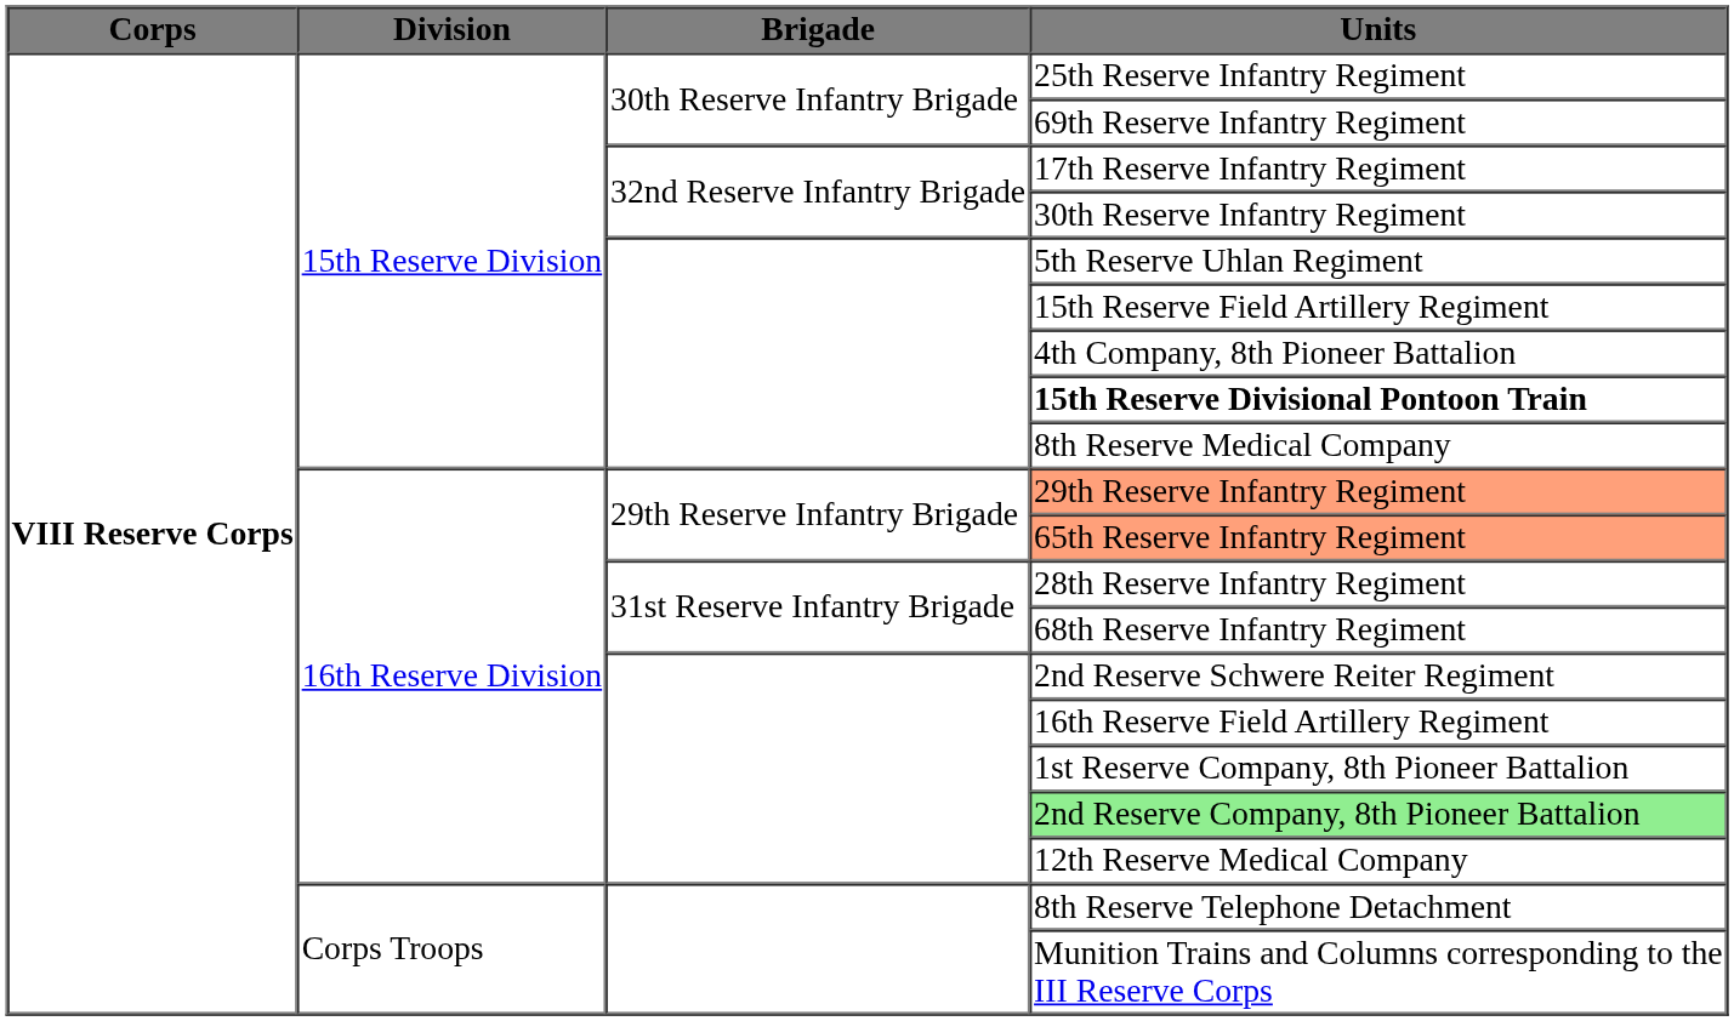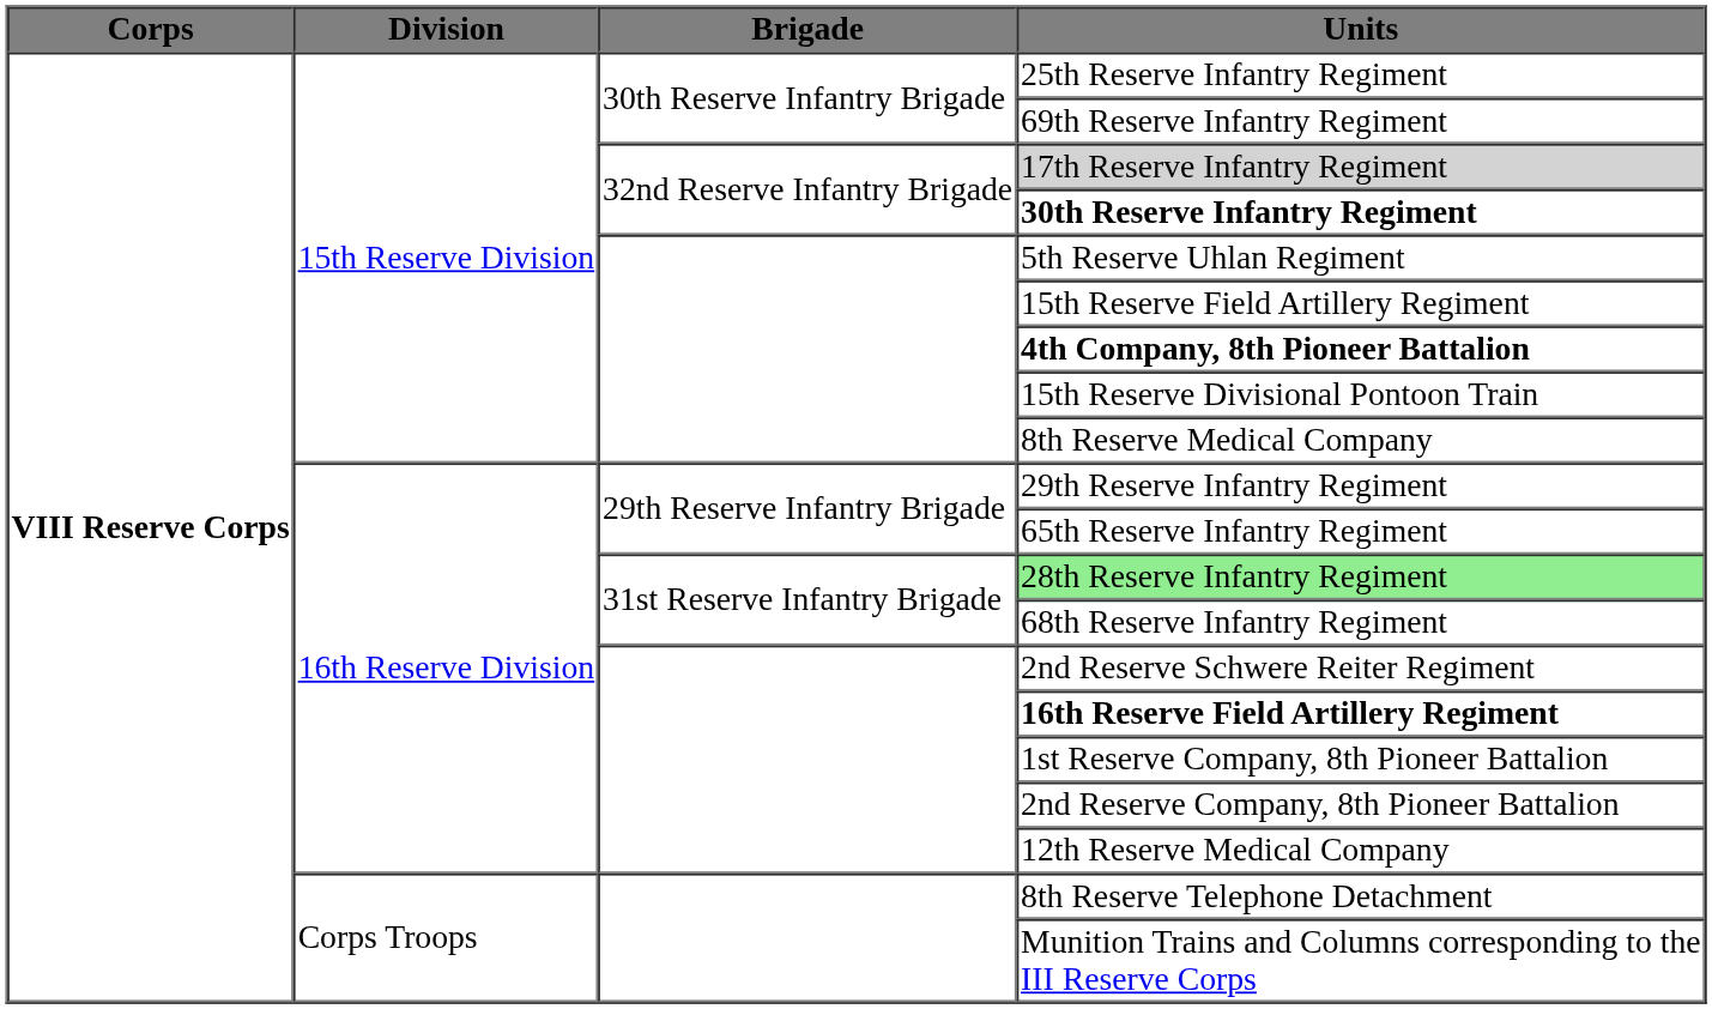 <table style="float: right;" border="1" cellpadding="1" cellspacing="0" style="font-size: 100%; border: gray solid 1px; border-collapse: collapse; text-align: center;">
 <tr style="background-color:grey; color:black;">
 <th>Corps</th>
 <th>Division</th>
 <th>Brigade</th>
 <th>Units</th>
 </tr>
 <tr>
 <td ROWSPAN=20><strong>VIII Reserve Corps</strong></td>
 <td ROWSPAN=9><a href='#'>15th Reserve Division</a></td>
 <td ROWSPAN=2>30th Reserve Infantry Brigade</td>
 <td>25th Reserve Infantry Regiment</td>
 </tr>
 <tr>
 <td>69th Reserve Infantry Regiment</td>
 </tr>
 <tr>
 <td ROWSPAN=2>32nd Reserve Infantry Brigade</td>
-<td>17th Reserve Infantry Regiment</td>
+<td style="background: lightgrey;">17th Reserve Infantry Regiment</td>
 </tr>
 <tr>
-<td>30th Reserve Infantry Regiment</td>
+<td><strong>30th Reserve Infantry Regiment</strong></td>
 </tr>
 <tr>
 <td ROWSPAN=5></td>
 <td>5th Reserve Uhlan Regiment</td>
 </tr>
 <tr>
 <td>15th Reserve Field Artillery Regiment</td>
 </tr>
 <tr>
-<td>4th Company, 8th Pioneer Battalion</td>
+<td><strong>4th Company, 8th Pioneer Battalion</strong></td>
 </tr>
 <tr>
-<td><strong>15th Reserve Divisional Pontoon Train</strong></td>
+<td>15th Reserve Divisional Pontoon Train</td>
 </tr>
 <tr>
 <td>8th Reserve Medical Company</td>
 </tr>
 <tr>
 <td ROWSPAN=9><a href='#'>16th Reserve Division</a></td>
 <td ROWSPAN=2>29th Reserve Infantry Brigade</td>
-<td style="background: lightsalmon;">29th Reserve Infantry Regiment</td>
+<td>29th Reserve Infantry Regiment</td>
 </tr>
 <tr>
-<td style="background: lightsalmon;">65th Reserve Infantry Regiment</td>
+<td>65th Reserve Infantry Regiment</td>
 </tr>
 <tr>
 <td ROWSPAN=2>31st Reserve Infantry Brigade</td>
-<td>28th Reserve Infantry Regiment</td>
+<td style="background: lightgreen;">28th Reserve Infantry Regiment</td>
 </tr>
 <tr>
 <td>68th Reserve Infantry Regiment</td>
 </tr>
 <tr>
 <td ROWSPAN=5></td>
 <td>2nd Reserve Schwere Reiter Regiment</td>
 </tr>
 <tr>
-<td>16th Reserve Field Artillery Regiment</td>
+<td><strong>16th Reserve Field Artillery Regiment</strong></td>
 </tr>
 <tr>
 <td>1st Reserve Company, 8th Pioneer Battalion</td>
 </tr>
 <tr>
-<td style="background: lightgreen;">2nd Reserve Company, 8th Pioneer Battalion</td>
+<td>2nd Reserve Company, 8th Pioneer Battalion</td>
 </tr>
 <tr>
 <td>12th Reserve Medical Company</td>
 </tr>
 <tr>
 <td ROWSPAN=2>Corps Troops</td>
 <td ROWSPAN=2></td>
 <td>8th Reserve Telephone Detachment</td>
 </tr>
 <tr>
 <td>Munition Trains and Columns corresponding to the<br><a href='#'>III Reserve Corps</a></td>
 </tr>
 </table>
